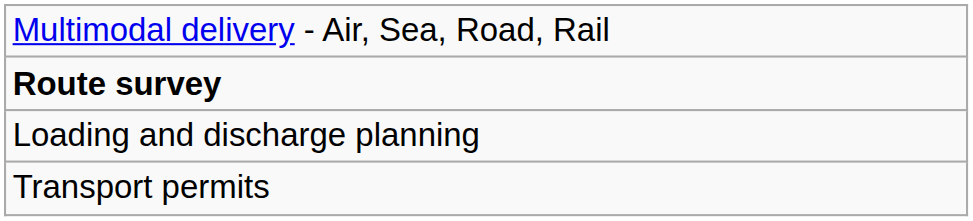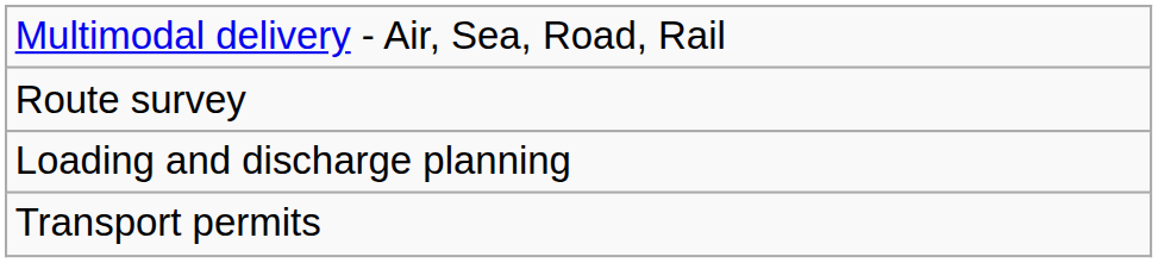 <table class="wikitable">
 <tr>
 <td width="460pt"><a href='#'>Multimodal delivery</a> - Air, Sea, Road, Rail</td>
 </tr>
 <tr>
-<td><strong>Route survey</strong></td>
+<td>Route survey</td>
 </tr>
 <tr>
 <td>Loading and discharge planning</td>
 </tr>
 <tr>
 <td>Transport permits</td>
 </tr>
 </table>
